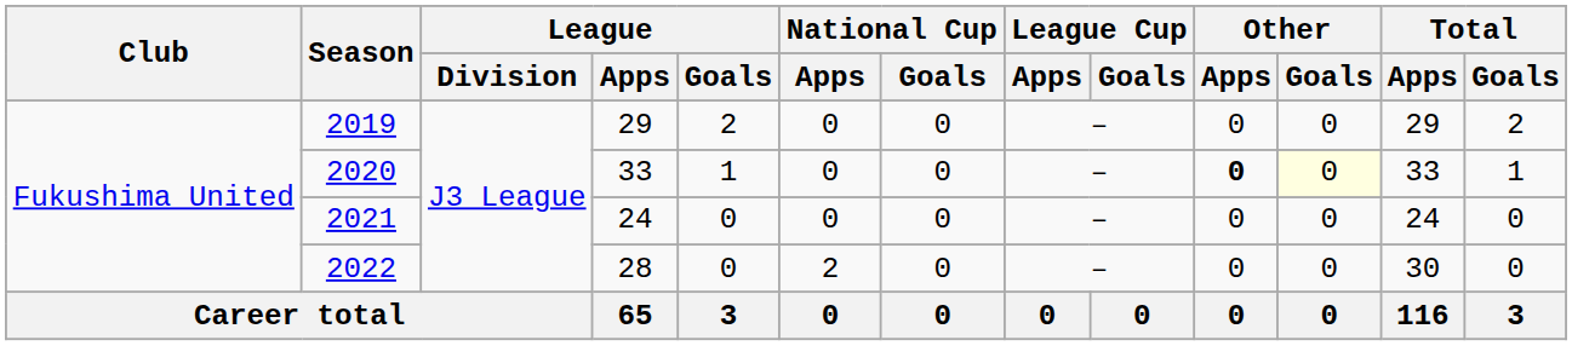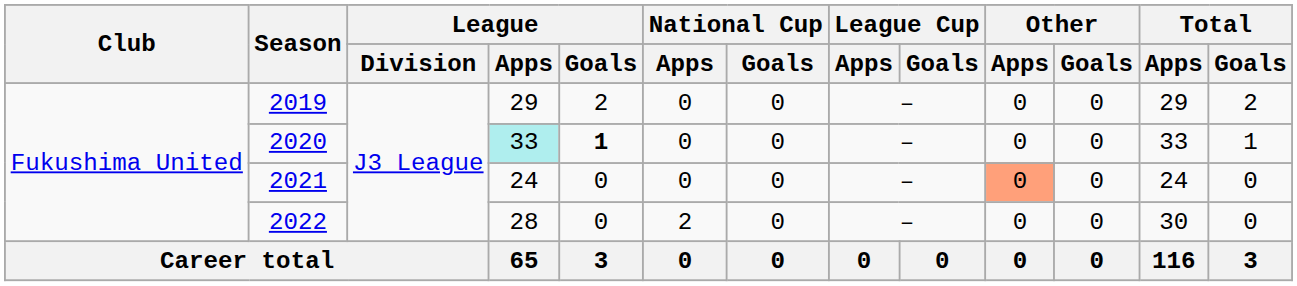 <table class="wikitable" style="text-align: center">
 <tr>
 <th rowspan="2">Club</th>
 <th rowspan="2">Season</th>
 <th colspan="3">League</th>
 <th colspan="2">National Cup</th>
 <th colspan="2">League Cup</th>
 <th colspan="2">Other</th>
 <th colspan="2">Total</th>
 </tr>
 <tr>
 <th>Division</th>
 <th>Apps</th>
 <th>Goals</th>
 <th>Apps</th>
 <th>Goals</th>
 <th>Apps</th>
 <th>Goals</th>
 <th>Apps</th>
 <th>Goals</th>
 <th>Apps</th>
 <th>Goals</th>
 </tr>
 <tr>
 <td rowspan="4"><a href='#'>Fukushima United</a></td>
 <td><a href='#'>2019</a></td>
 <td rowspan="4"><a href='#'>J3 League</a></td>
 <td>29</td>
 <td>2</td>
 <td>0</td>
 <td>0</td>
 <td colspan="2">–</td>
 <td>0</td>
 <td>0</td>
 <td>29</td>
 <td>2</td>
 </tr>
 <tr>
 <td><a href='#'>2020</a></td>
-<td>33</td>
-<td>1</td>
+<td style="background: paleturquoise;">33</td>
+<td><strong>1</strong></td>
 <td>0</td>
 <td>0</td>
 <td colspan="2">–</td>
-<td><strong>0</strong></td>
-<td style="background: lightyellow;">0</td>
+<td>0</td>
+<td>0</td>
 <td>33</td>
 <td>1</td>
 </tr>
 <tr>
 <td><a href='#'>2021</a></td>
 <td>24</td>
 <td>0</td>
 <td>0</td>
 <td>0</td>
 <td colspan="2">–</td>
-<td>0</td>
+<td style="background: lightsalmon;">0</td>
 <td>0</td>
 <td>24</td>
 <td>0</td>
 </tr>
 <tr>
 <td><a href='#'>2022</a></td>
 <td>28</td>
 <td>0</td>
 <td>2</td>
 <td>0</td>
 <td colspan="2">–</td>
 <td>0</td>
 <td>0</td>
 <td>30</td>
 <td>0</td>
 </tr>
 <tr>
 <th colspan="3">Career total</th>
 <th>65</th>
 <th>3</th>
 <th>0</th>
 <th>0</th>
 <th>0</th>
 <th>0</th>
 <th>0</th>
 <th>0</th>
 <th>116</th>
 <th>3</th>
 </tr>
 </table>
